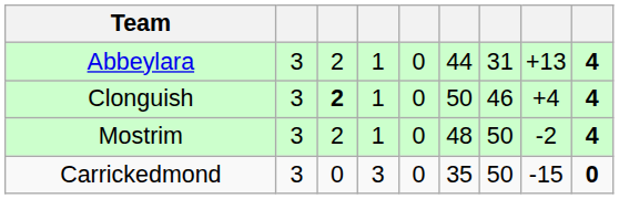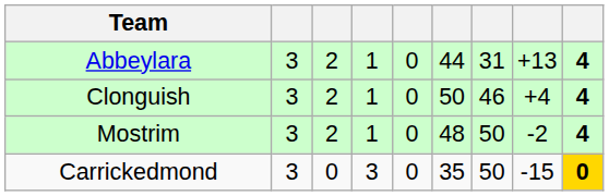 <table class="wikitable" style="text-align:center">
 <tr>
 <th style="width:175px;">Team</th>
 <th width="20"></th>
 <th width="20"></th>
 <th width="20"></th>
 <th width="20"></th>
 <th width="20"></th>
 <th width="20"></th>
 <th width="20"></th>
 <th width="20"></th>
 </tr>
 <tr style="background:#cfc;">
 <td><a href='#'>Abbeylara</a></td>
 <td>3</td>
 <td>2</td>
 <td>1</td>
 <td>0</td>
 <td>44</td>
 <td>31</td>
 <td>+13</td>
 <td><strong>4</strong></td>
 </tr>
 <tr style="background:#cfc;">
 <td>Clonguish</td>
 <td>3</td>
-<td><strong>2</strong></td>
+<td>2</td>
 <td>1</td>
 <td>0</td>
 <td>50</td>
 <td>46</td>
 <td>+4</td>
 <td><strong>4</strong></td>
 </tr>
 <tr style="background:#cfc;">
 <td>Mostrim</td>
 <td>3</td>
 <td>2</td>
 <td>1</td>
 <td>0</td>
 <td>48</td>
 <td>50</td>
 <td>-2</td>
 <td><strong>4</strong></td>
 </tr>
 <tr>
 <td>Carrickedmond</td>
 <td>3</td>
 <td>0</td>
 <td>3</td>
 <td>0</td>
 <td>35</td>
 <td>50</td>
 <td>-15</td>
-<td><strong>0</strong></td>
+<td style="background: gold;"><strong>0</strong></td>
 </tr>
 </table>
